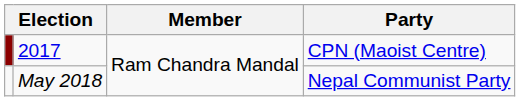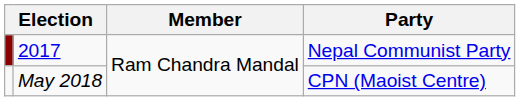 <table class="wikitable">
 <tr>
 <th colspan="2">Election</th>
 <th>Member</th>
 <th>Party</th>
 </tr>
 <tr>
 <td style="background-color:darkred"></td>
 <td><a href='#'>2017</a></td>
 <td rowspan="2">Ram Chandra Mandal</td>
-<td><a href='#'>CPN (Maoist Centre)</a></td>
+<td><a href='#'>Nepal Communist Party</a></td>
 </tr>
 <tr>
 <td style="background-color:"></td>
 <td><em>May 2018</em></td>
-<td><a href='#'>Nepal Communist Party</a></td>
+<td><a href='#'>CPN (Maoist Centre)</a></td>
 </tr>
 </table>
